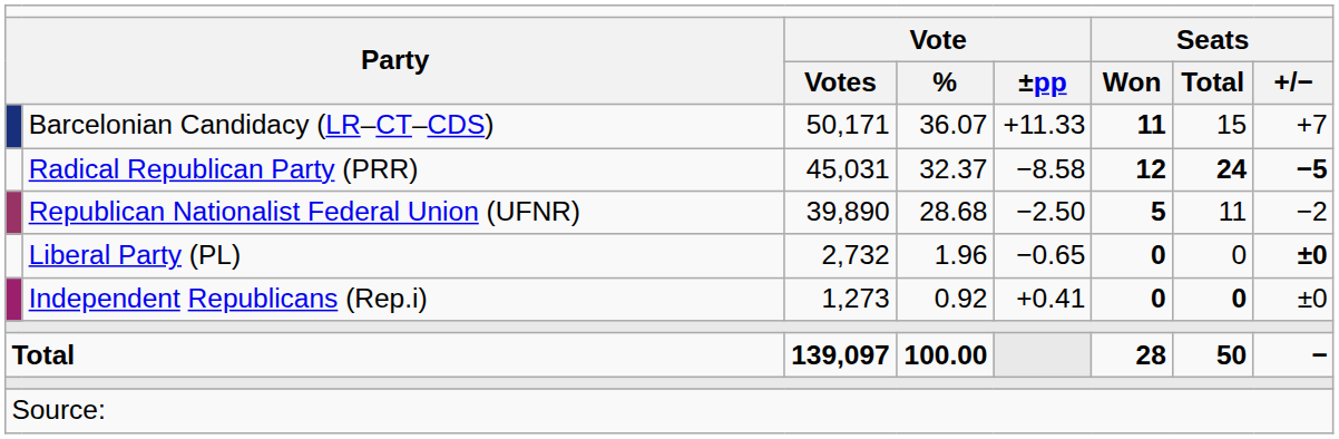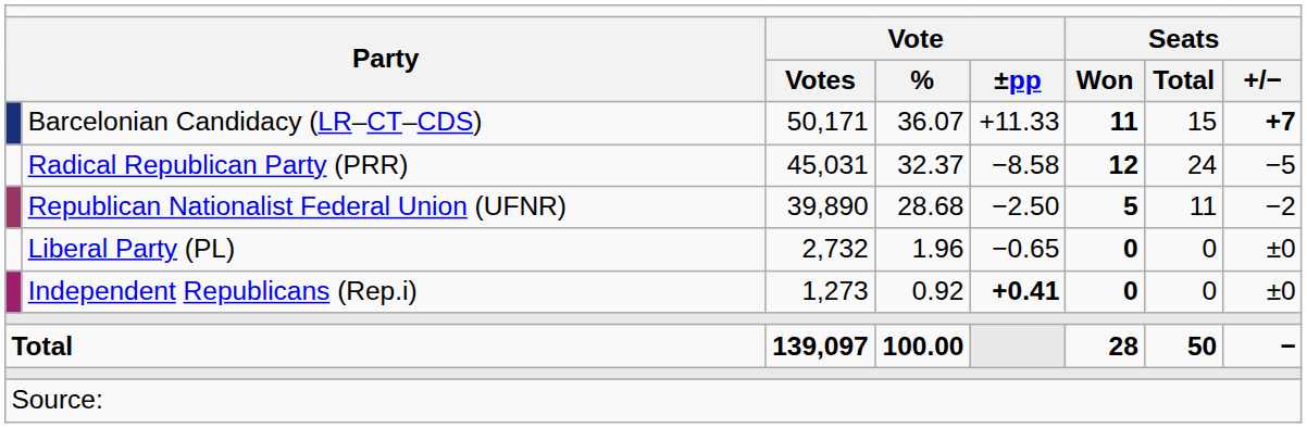 <table class='wikitable' style='text-align:right; font-size:100%;'>
 <tr>
 <td colspan='8'></td>
 </tr>
 <tr bgcolor='#E9E9E9' align='center'>
 <th align='left' rowspan='2' colspan='2' width='450'>Party</th>
 <th colspan='3'>Vote</th>
 <th colspan='3'>Seats</th>
 </tr>
 <tr bgcolor='#E9E9E9' align='center'>
 <th width='50'>Votes</th>
 <th width='50'>%</th>
 <th width='50'>±<a href='#'>pp</a></th>
 <th width='40'>Won</th>
 <th width='40'>Total</th>
 <th width='40'>+/−</th>
 </tr>
 <tr>
 <td bgcolor='#18307B'></td>
 <td align='left'>Barcelonian Candidacy (<a href='#'>LR</a>–<a href='#'>CT</a>–<a href='#'>CDS</a>)</td>
 <td>50,171</td>
 <td>36.07</td>
 <td>+11.33</td>
 <td><strong>11</strong></td>
 <td>15</td>
-<td>+7</td>
+<td><strong>+7</strong></td>
 </tr>
 <tr>
 <td></td>
 <td align='left'><a href='#'>Radical Republican Party</a> (PRR)</td>
 <td>45,031</td>
 <td>32.37</td>
 <td>−8.58</td>
 <td><strong>12</strong></td>
-<td><strong>24</strong></td>
-<td><strong>−5</strong></td>
+<td>24</td>
+<td>−5</td>
 </tr>
 <tr>
 <td bgcolor='#993366'></td>
 <td align='left'><a href='#'>Republican Nationalist Federal Union</a> (UFNR)</td>
 <td>39,890</td>
 <td>28.68</td>
 <td>−2.50</td>
 <td><strong>5</strong></td>
 <td>11</td>
 <td>−2</td>
 </tr>
 <tr>
 <td></td>
 <td align='left'><a href='#'>Liberal Party</a> (PL)</td>
 <td>2,732</td>
 <td>1.96</td>
 <td>−0.65</td>
 <td><strong>0</strong></td>
 <td>0</td>
-<td><strong>±0</strong></td>
+<td>±0</td>
 </tr>
 <tr>
 <td bgcolor='#9C1F6E'></td>
 <td align='left'><a href='#'>Independent</a> <a href='#'>Republicans</a> (Rep.i)</td>
 <td>1,273</td>
 <td>0.92</td>
-<td>+0.41</td>
+<td><strong>+0.41</strong></td>
 <td><strong>0</strong></td>
-<td><strong>0</strong></td>
+<td>0</td>
 <td>±0</td>
 </tr>
 <tr>
 <td colspan='8' bgcolor='#E9E9E9'></td>
 </tr>
 <tr style='font-weight:bold;'>
 <td align='left' colspan='2'>Total</td>
 <td>139,097</td>
 <td>100.00</td>
 <td bgcolor='#E9E9E9'></td>
 <td>28</td>
 <td>50</td>
 <td>−</td>
 </tr>
 <tr>
 <td colspan='8' bgcolor='#E9E9E9'></td>
 </tr>
 <tr>
 <td align='left' colspan='8'>Source:</td>
 </tr>
 </table>
